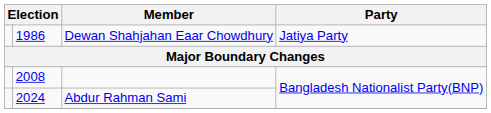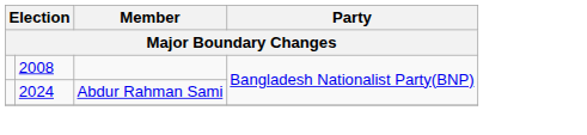 <table class="wikitable">
 <tr>
 <th colspan="2">Election</th>
 <th>Member</th>
 <th>Party</th>
-</tr>
-<tr>
-<td style="background-color:"></td>
-<td><a href='#'>1986</a></td>
-<td><a href='#'>Dewan Shahjahan Eaar Chowdhury</a></td>
-<td><a href='#'>Jatiya Party</a></td>
 </tr>
 <tr>
 <th colspan="4"><strong>Major Boundary Changes</strong></th>
 </tr>
 <tr>
 <td style="background-color:"></td>
 <td><a href='#'>2008</a></td>
 <td></td>
 <td rowspan="2"><a href='#'>Bangladesh Nationalist Party(BNP)</a></td>
 </tr>
 <tr>
 <td style="background-color:"></td>
 <td><a href='#'>2024</a></td>
 <td><a href='#'>Abdur Rahman Sami</a></td>
 </tr>
 <tr>
 </tr>
 </table>
